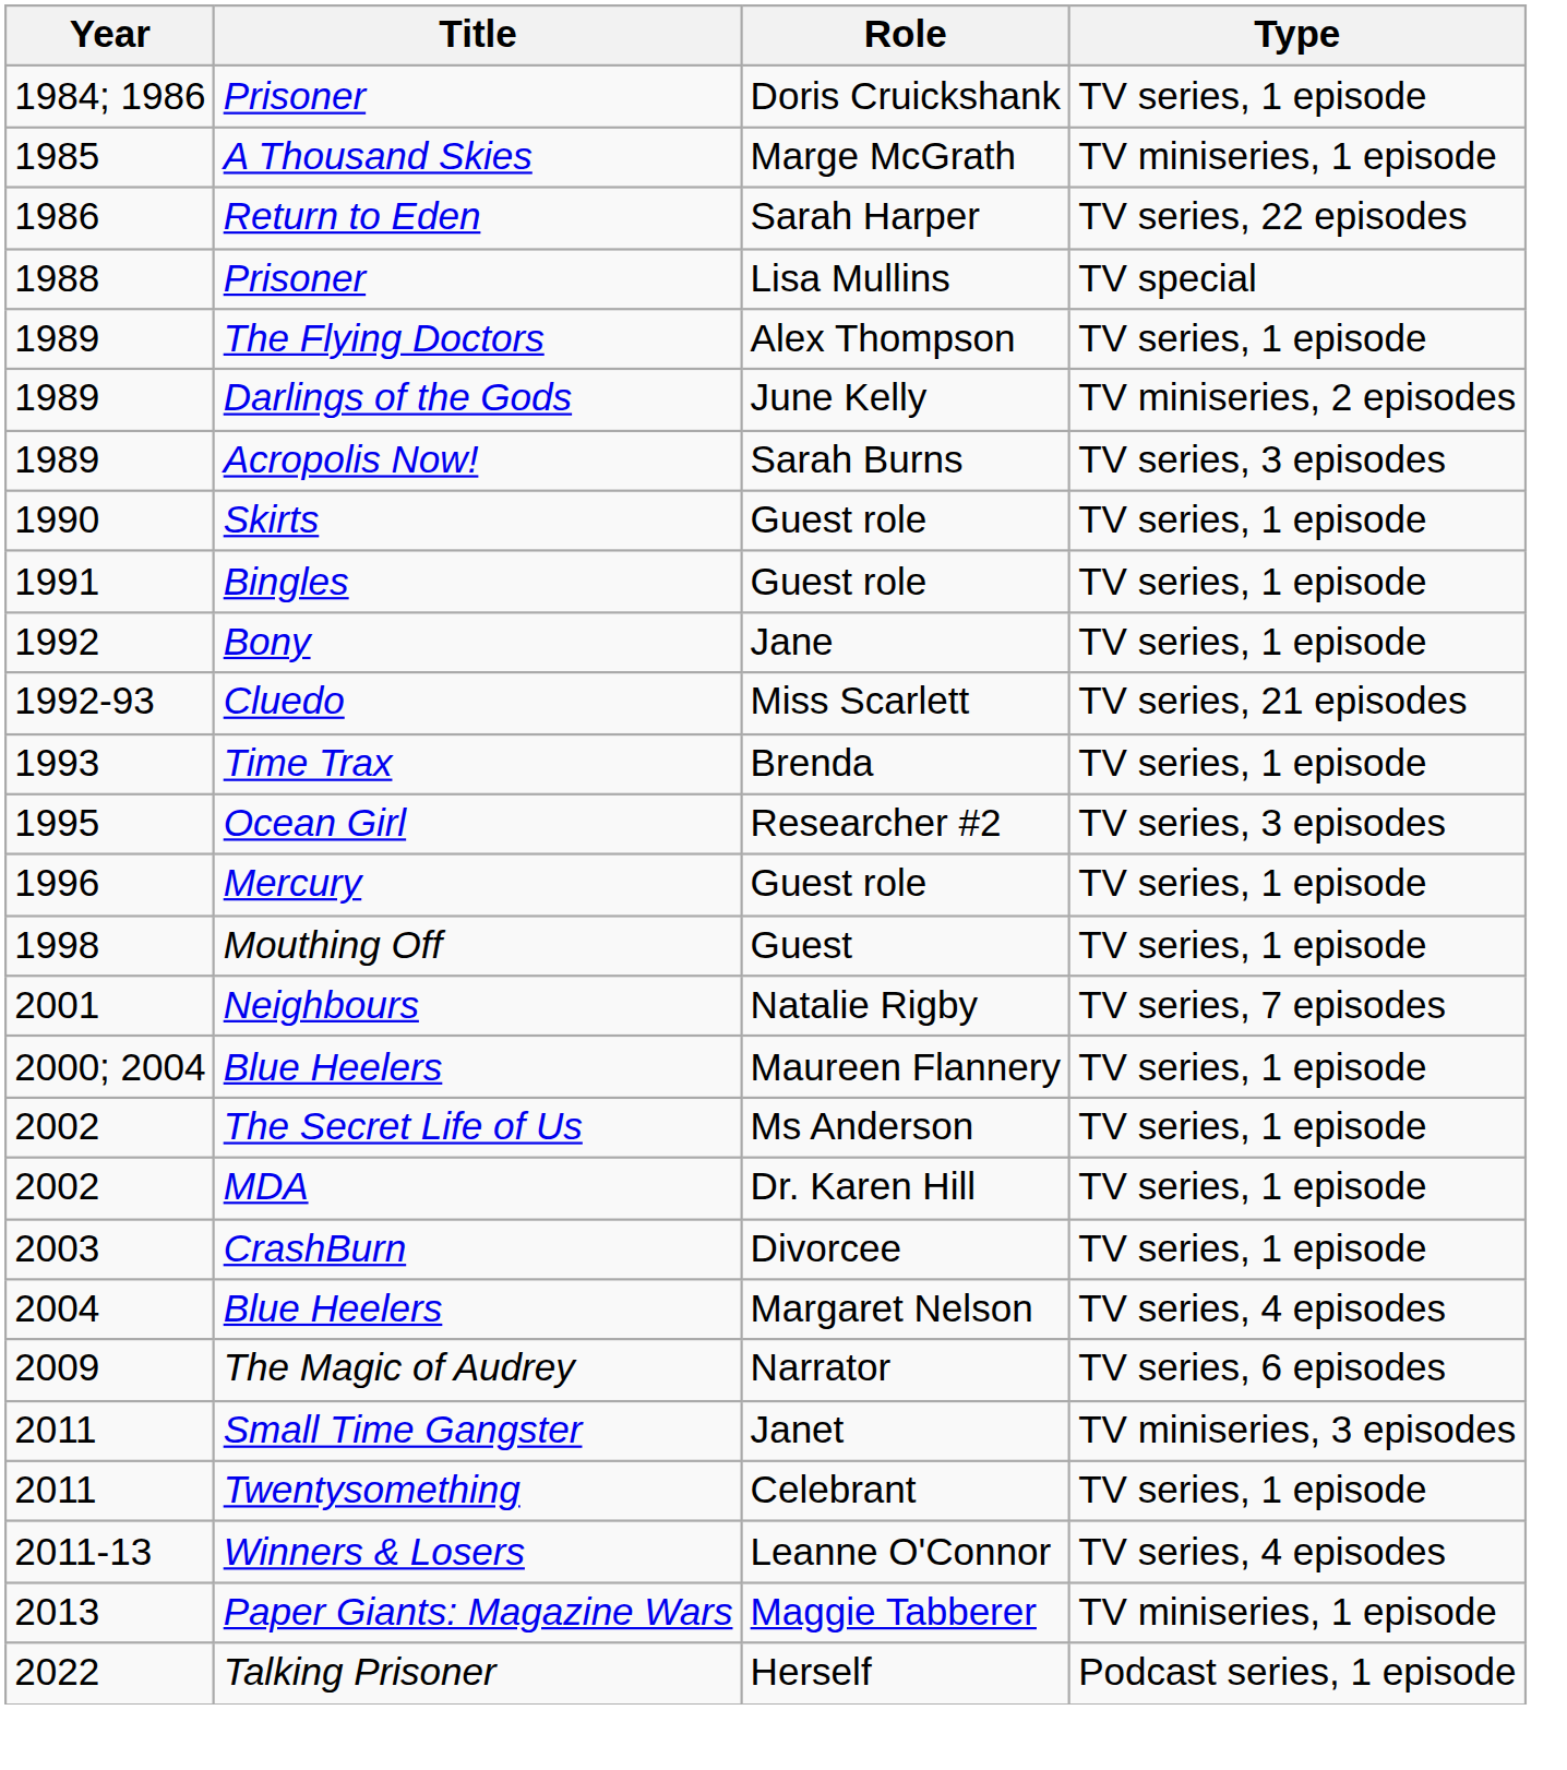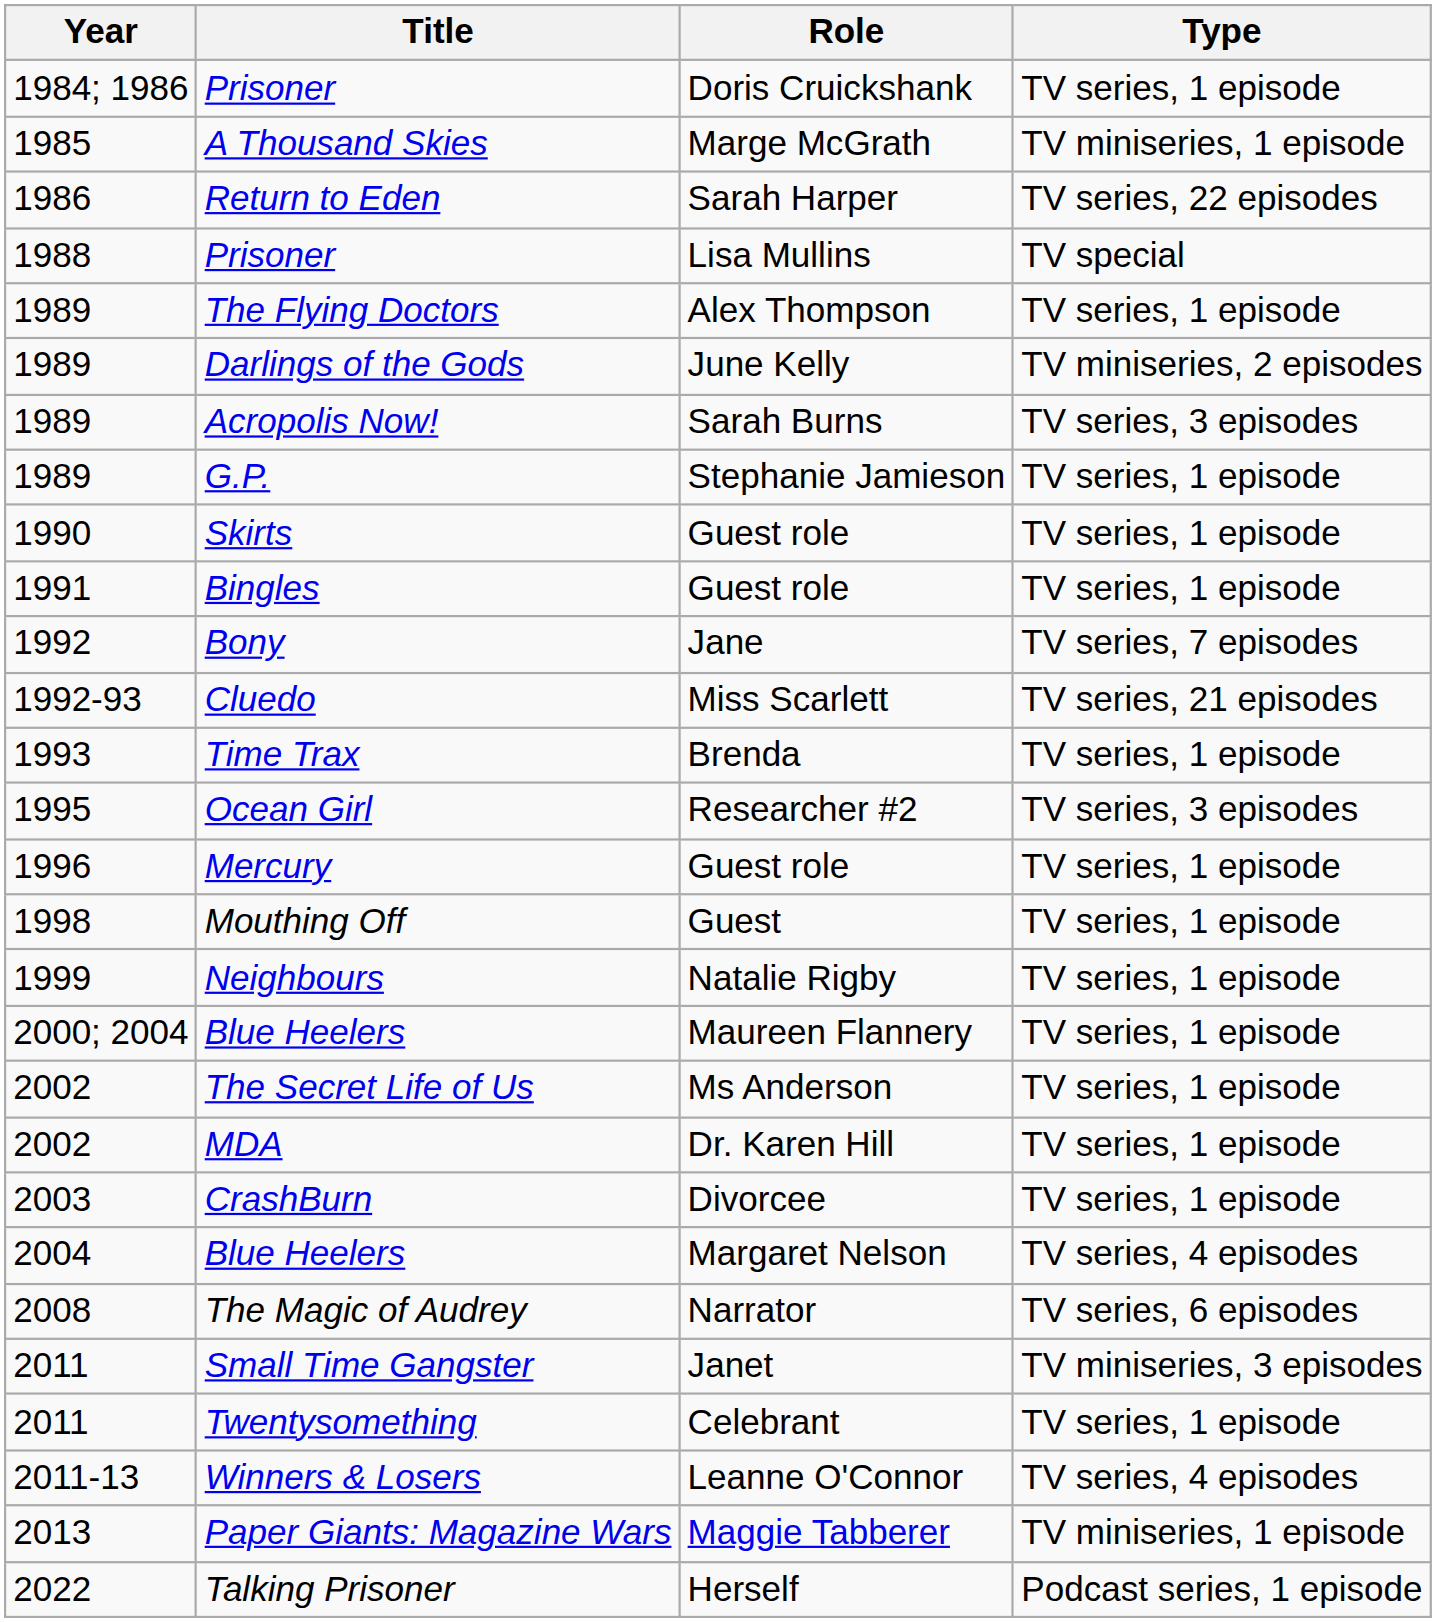 <table class="wikitable">
 <tr>
 <th>Year</th>
 <th>Title</th>
 <th>Role</th>
 <th>Type</th>
 </tr>
 <tr>
 <td>1984; 1986</td>
 <td><em><a href='#'>Prisoner</a></em></td>
 <td>Doris Cruickshank</td>
 <td>TV series, 1 episode</td>
 </tr>
 <tr>
 <td>1985</td>
 <td><em><a href='#'>A Thousand Skies</a></em></td>
 <td>Marge McGrath</td>
 <td>TV miniseries, 1 episode</td>
 </tr>
 <tr>
 <td>1986</td>
 <td><em><a href='#'>Return to Eden</a></em></td>
 <td>Sarah Harper</td>
 <td>TV series, 22 episodes</td>
 </tr>
 <tr>
 <td>1988</td>
 <td><em><a href='#'>Prisoner</a></em></td>
 <td>Lisa Mullins</td>
 <td>TV special</td>
 </tr>
 <tr>
 <td>1989</td>
 <td><em><a href='#'>The Flying Doctors</a></em></td>
 <td>Alex Thompson</td>
 <td>TV series, 1 episode</td>
 </tr>
 <tr>
 <td>1989</td>
 <td><em><a href='#'>Darlings of the Gods</a></em></td>
 <td>June Kelly</td>
 <td>TV miniseries, 2 episodes</td>
 </tr>
 <tr>
 <td>1989</td>
 <td><em><a href='#'>Acropolis Now!</a></em></td>
 <td>Sarah Burns</td>
 <td>TV series, 3 episodes</td>
 </tr>
 <tr>
+<td>1989</td>
+<td><em><a href='#'>G.P.</a></em></td>
+<td>Stephanie Jamieson</td>
+<td>TV series, 1 episode</td>
+</tr>
+<tr>
 <td>1990</td>
 <td><em><a href='#'>Skirts</a></em></td>
 <td>Guest role</td>
 <td>TV series, 1 episode</td>
 </tr>
 <tr>
 <td>1991</td>
 <td><em><a href='#'>Bingles</a></em></td>
 <td>Guest role</td>
 <td>TV series, 1 episode</td>
 </tr>
 <tr>
 <td>1992</td>
 <td><em><a href='#'>Bony</a></em></td>
 <td>Jane</td>
-<td>TV series, 1 episode</td>
+<td>TV series, 7 episodes</td>
 </tr>
 <tr>
 <td>1992-93</td>
 <td><em><a href='#'>Cluedo</a></em></td>
 <td>Miss Scarlett</td>
 <td>TV series, 21 episodes</td>
 </tr>
 <tr>
 <td>1993</td>
 <td><em><a href='#'>Time Trax</a></em></td>
 <td>Brenda</td>
 <td>TV series, 1 episode</td>
 </tr>
 <tr>
 <td>1995</td>
 <td><em><a href='#'>Ocean Girl</a></em></td>
 <td>Researcher #2</td>
 <td>TV series, 3 episodes</td>
 </tr>
 <tr>
 <td>1996</td>
 <td><em><a href='#'>Mercury</a></em></td>
 <td>Guest role</td>
 <td>TV series, 1 episode</td>
 </tr>
 <tr>
 <td>1998</td>
 <td><em>Mouthing Off</em></td>
 <td>Guest</td>
 <td>TV series, 1 episode</td>
 </tr>
 <tr>
-<td>2001</td>
+<td>1999</td>
 <td><em><a href='#'>Neighbours</a></em></td>
 <td>Natalie Rigby</td>
-<td>TV series, 7 episodes</td>
+<td>TV series, 1 episode</td>
 </tr>
 <tr>
 <td>2000; 2004</td>
 <td><em><a href='#'>Blue Heelers</a></em></td>
 <td>Maureen Flannery</td>
 <td>TV series, 1 episode</td>
 </tr>
 <tr>
 <td>2002</td>
 <td><em><a href='#'>The Secret Life of Us</a></em></td>
 <td>Ms Anderson</td>
 <td>TV series, 1 episode</td>
 </tr>
 <tr>
 <td>2002</td>
 <td><em><a href='#'>MDA</a></em></td>
 <td>Dr. Karen Hill</td>
 <td>TV series, 1 episode</td>
 </tr>
 <tr>
 <td>2003</td>
 <td><em><a href='#'>CrashBurn</a></em></td>
 <td>Divorcee</td>
 <td>TV series, 1 episode</td>
 </tr>
 <tr>
 <td>2004</td>
 <td><em><a href='#'>Blue Heelers</a></em></td>
 <td>Margaret Nelson</td>
 <td>TV series, 4 episodes</td>
 </tr>
 <tr>
-<td>2009</td>
+<td>2008</td>
 <td><em>The Magic of Audrey</em></td>
 <td>Narrator</td>
 <td>TV series, 6 episodes</td>
 </tr>
 <tr>
 <td>2011</td>
 <td><em><a href='#'>Small Time Gangster</a></em></td>
 <td>Janet</td>
 <td>TV miniseries, 3 episodes</td>
 </tr>
 <tr>
 <td>2011</td>
 <td><em><a href='#'>Twentysomething</a></em></td>
 <td>Celebrant</td>
 <td>TV series, 1 episode</td>
 </tr>
 <tr>
 <td>2011-13</td>
 <td><em><a href='#'>Winners & Losers</a></em></td>
 <td>Leanne O'Connor</td>
 <td>TV series, 4 episodes</td>
 </tr>
 <tr>
 <td>2013</td>
 <td><em><a href='#'>Paper Giants: Magazine Wars</a></em></td>
 <td><a href='#'>Maggie Tabberer</a></td>
 <td>TV miniseries, 1 episode</td>
 </tr>
 <tr>
 <td>2022</td>
 <td><em>Talking Prisoner</em></td>
 <td>Herself</td>
 <td>Podcast series, 1 episode</td>
 </tr>
 </table>
